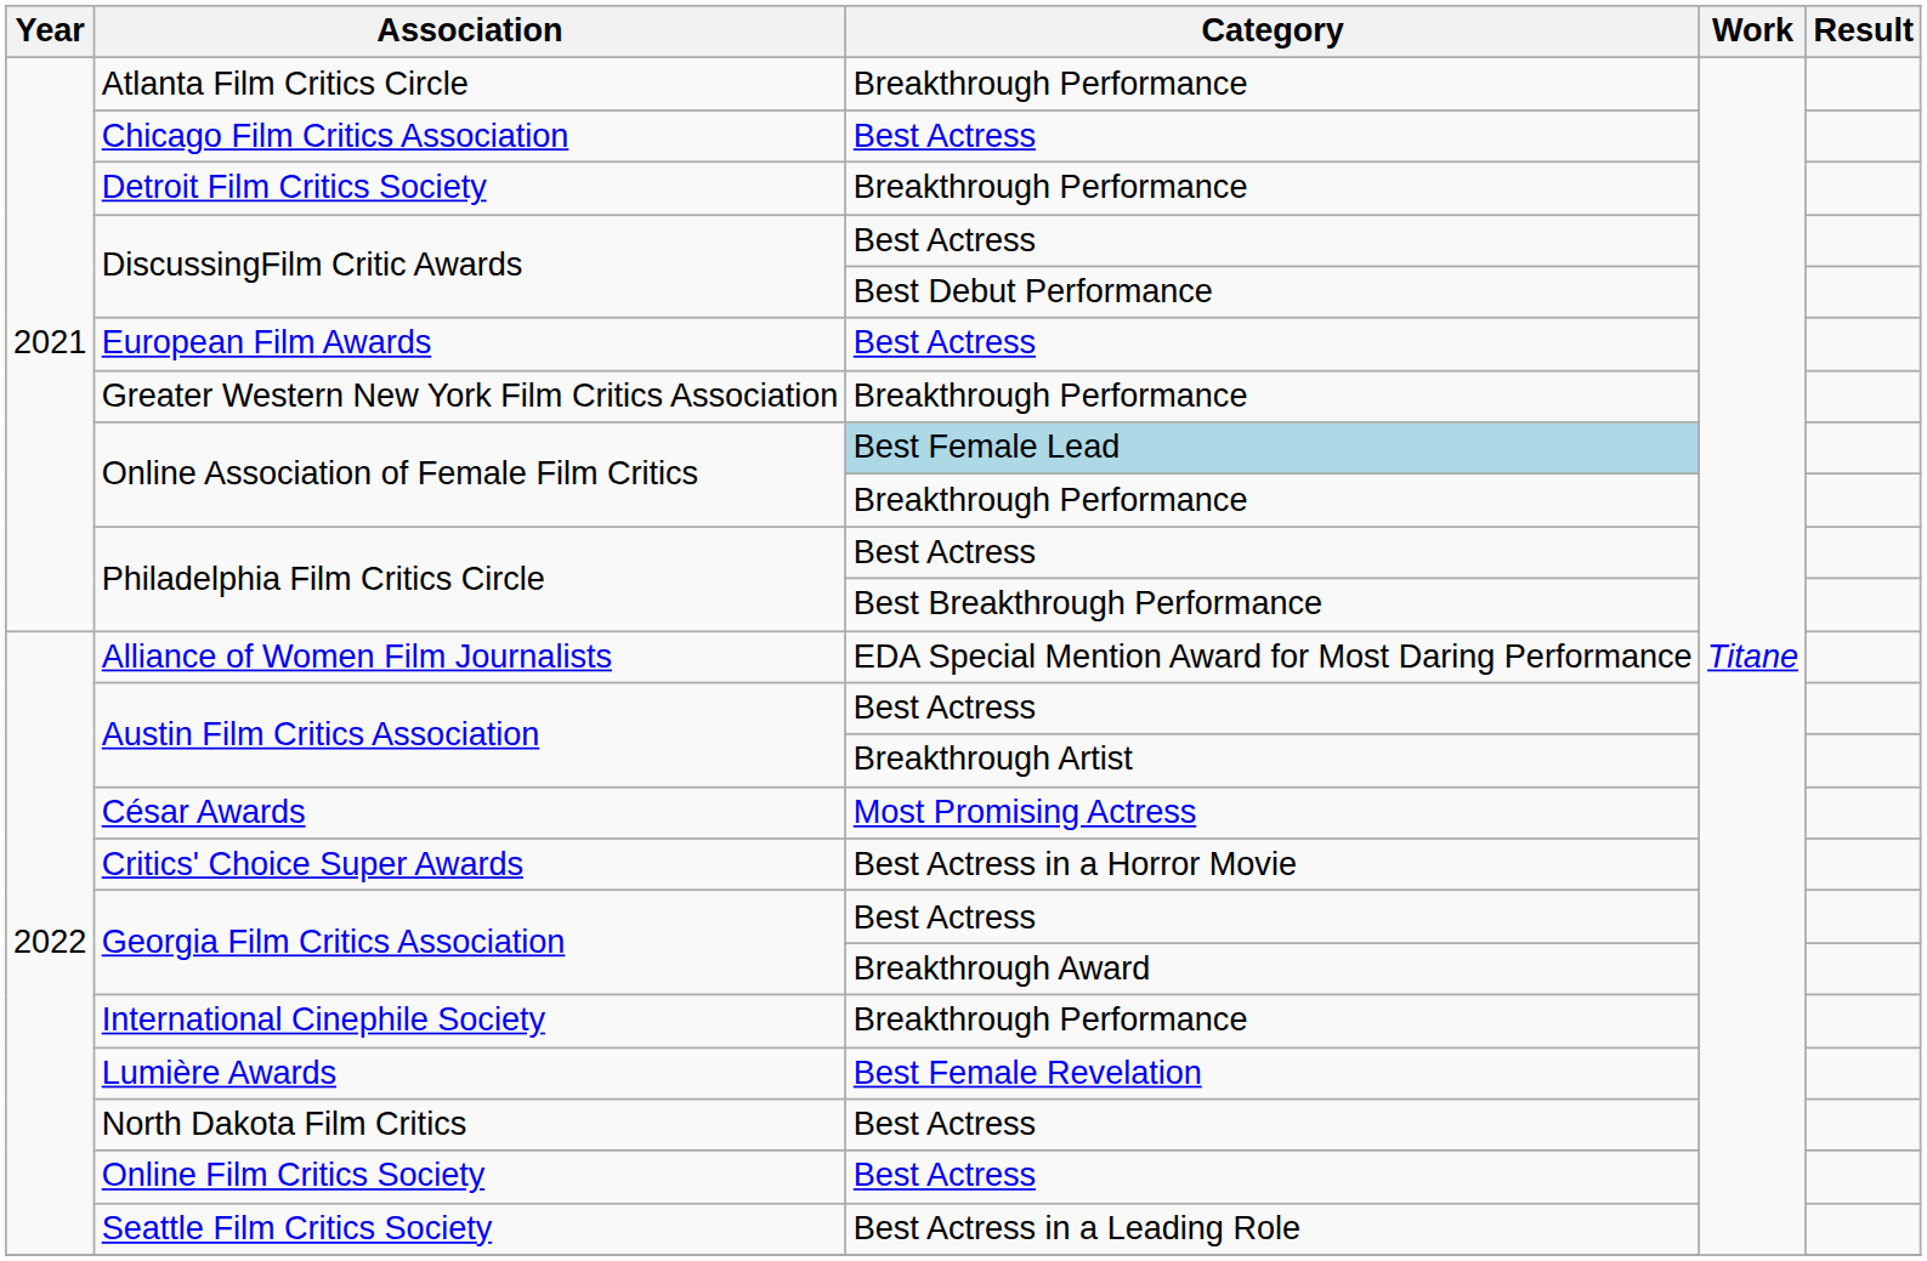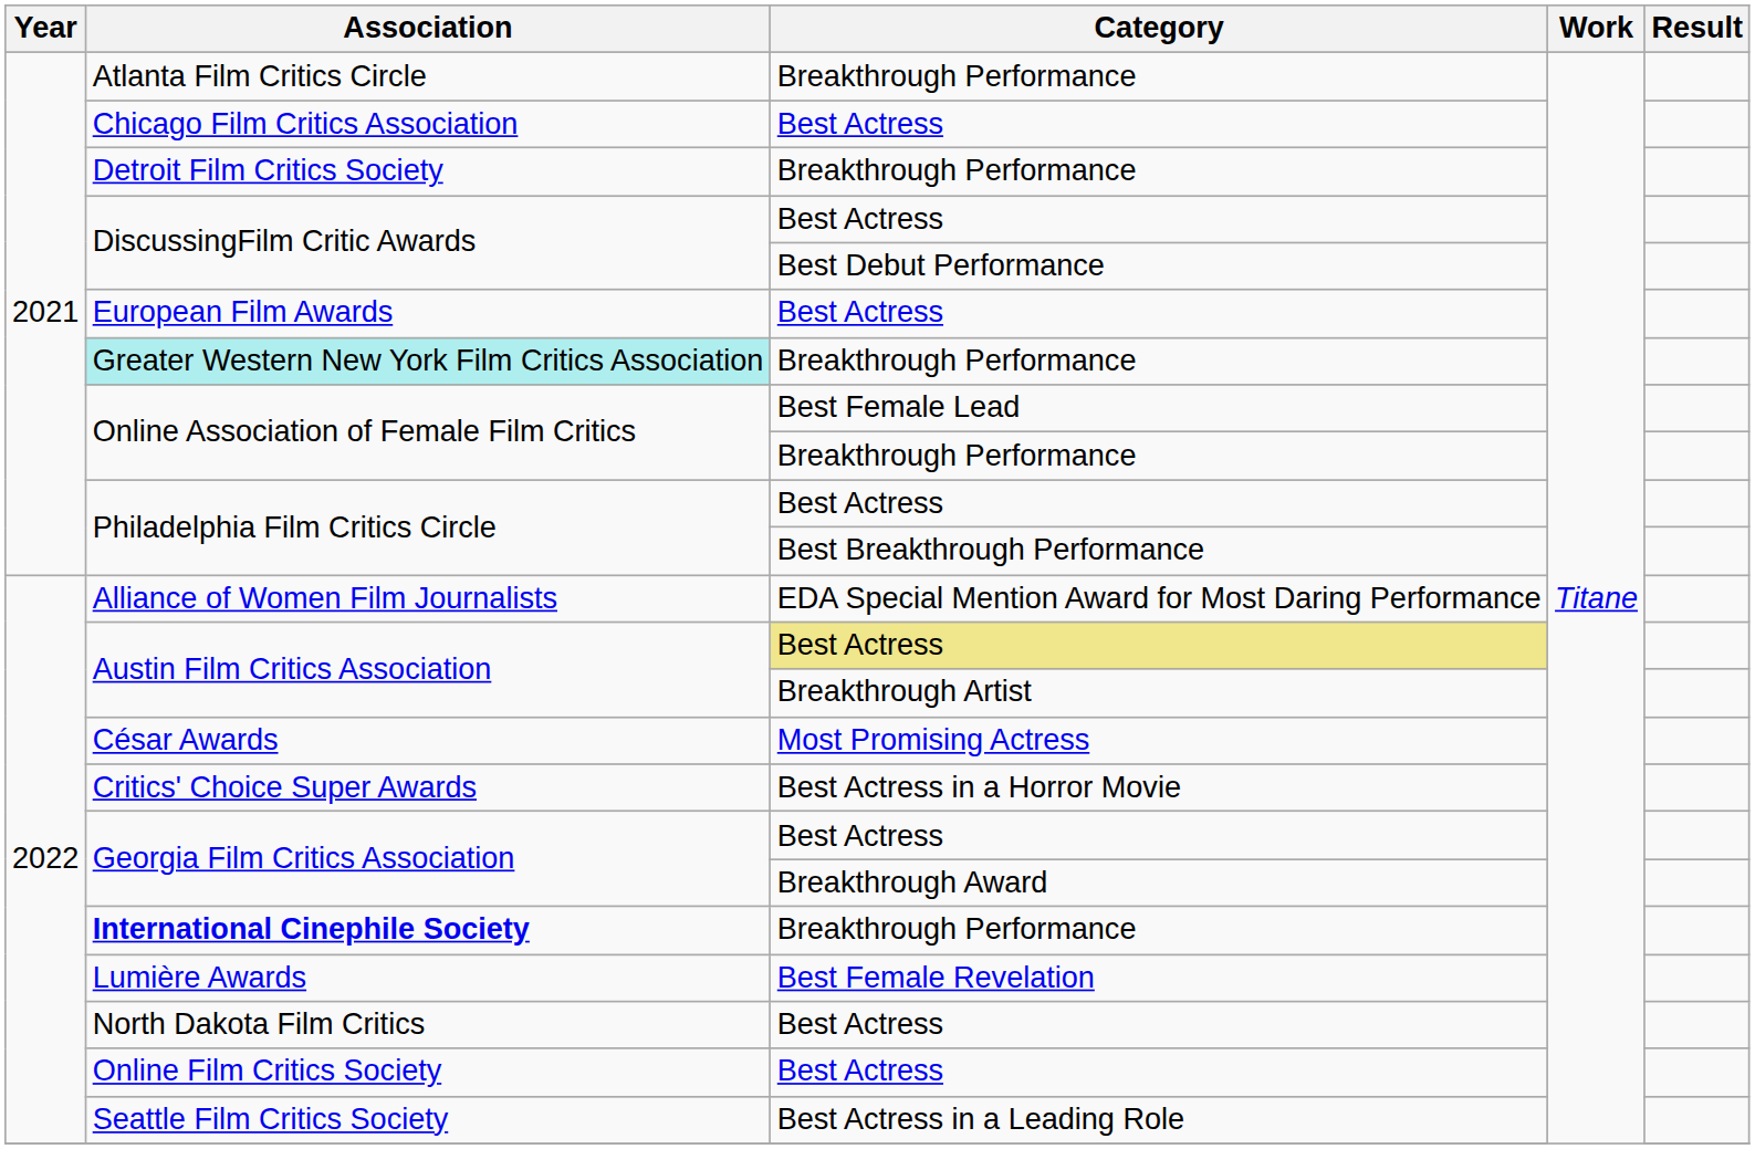 <table class="wikitable">
 <tr>
 <th>Year</th>
 <th>Association</th>
 <th>Category</th>
 <th>Work</th>
 <th>Result</th>
 </tr>
 <tr>
 <td rowspan=11>2021</td>
 <td>Atlanta Film Critics Circle</td>
 <td>Breakthrough Performance</td>
 <td rowspan="29"><em><a href='#'>Titane</a></em></td>
 <td></td>
 </tr>
 <tr>
 <td><a href='#'>Chicago Film Critics Association</a></td>
 <td><a href='#'>Best Actress</a></td>
 <td></td>
 </tr>
 <tr>
 <td><a href='#'>Detroit Film Critics Society</a></td>
 <td>Breakthrough Performance</td>
 <td></td>
 </tr>
 <tr>
 <td rowspan=2>DiscussingFilm Critic Awards</td>
 <td>Best Actress</td>
 <td></td>
 </tr>
 <tr>
 <td>Best Debut Performance</td>
 <td></td>
 </tr>
 <tr>
 <td><a href='#'>European Film Awards</a></td>
 <td><a href='#'>Best Actress</a></td>
 <td></td>
 </tr>
 <tr>
-<td>Greater Western New York Film Critics Association</td>
+<td style="background: paleturquoise;">Greater Western New York Film Critics Association</td>
 <td>Breakthrough Performance</td>
 <td></td>
 </tr>
 <tr>
 <td rowspan="2">Online Association of Female Film Critics<br></td>
-<td style="background: lightblue;">Best Female Lead</td>
+<td>Best Female Lead</td>
 <td></td>
 </tr>
 <tr>
 <td>Breakthrough Performance</td>
 <td></td>
 </tr>
 <tr>
 <td rowspan="2">Philadelphia Film Critics Circle</td>
 <td>Best Actress</td>
 <td></td>
 </tr>
 <tr>
 <td>Best Breakthrough Performance</td>
 <td></td>
 </tr>
 <tr>
 <td rowspan="12">2022</td>
 <td><a href='#'>Alliance of Women Film Journalists</a></td>
 <td>EDA Special Mention Award for Most Daring Performance</td>
 <td></td>
 </tr>
 <tr>
 <td rowspan="2"><a href='#'>Austin Film Critics Association</a></td>
-<td>Best Actress</td>
+<td style="background: khaki;">Best Actress</td>
 <td></td>
 </tr>
 <tr>
 <td>Breakthrough Artist</td>
 <td></td>
 </tr>
 <tr>
 <td><a href='#'>César Awards</a></td>
 <td><a href='#'>Most Promising Actress</a></td>
 <td></td>
 </tr>
 <tr>
 <td><a href='#'>Critics' Choice Super Awards</a></td>
 <td>Best Actress in a Horror Movie</td>
 <td></td>
 </tr>
 <tr>
 <td rowspan="2"><a href='#'>Georgia Film Critics Association</a></td>
 <td>Best Actress</td>
 <td></td>
 </tr>
 <tr>
 <td>Breakthrough Award</td>
 <td></td>
 </tr>
 <tr>
-<td><a href='#'>International Cinephile Society</a></td>
+<td><strong><a href='#'>International Cinephile Society</a></strong></td>
 <td>Breakthrough Performance</td>
 <td></td>
 </tr>
 <tr>
 <td><a href='#'>Lumière Awards</a></td>
 <td><a href='#'>Best Female Revelation</a></td>
 <td></td>
 </tr>
 <tr>
 <td>North Dakota Film Critics</td>
 <td>Best Actress</td>
 <td></td>
 </tr>
 <tr>
 <td><a href='#'>Online Film Critics Society</a></td>
 <td><a href='#'>Best Actress</a></td>
 <td></td>
 </tr>
 <tr>
 <td><a href='#'>Seattle Film Critics Society</a></td>
 <td>Best Actress in a Leading Role</td>
 <td></td>
 </tr>
 <tr>
 </tr>
 </table>
